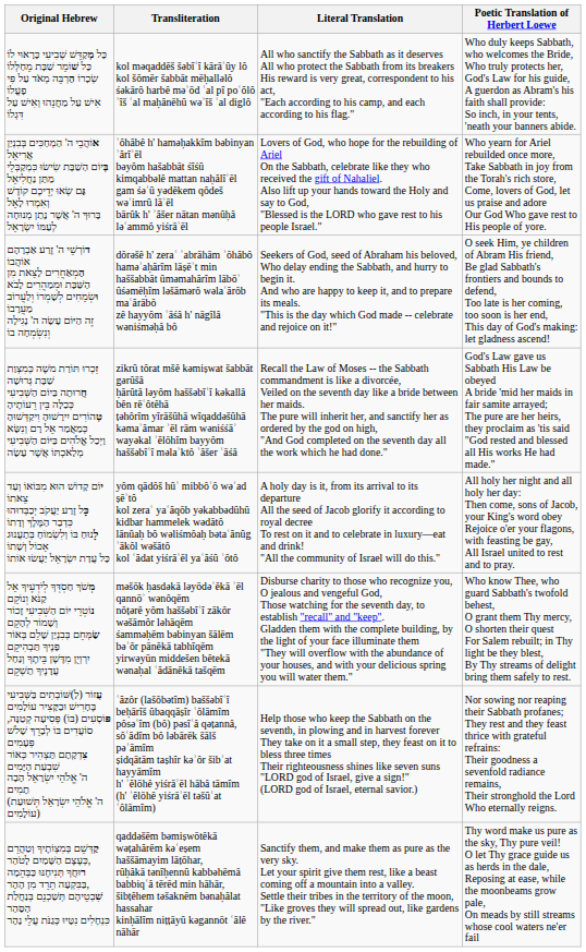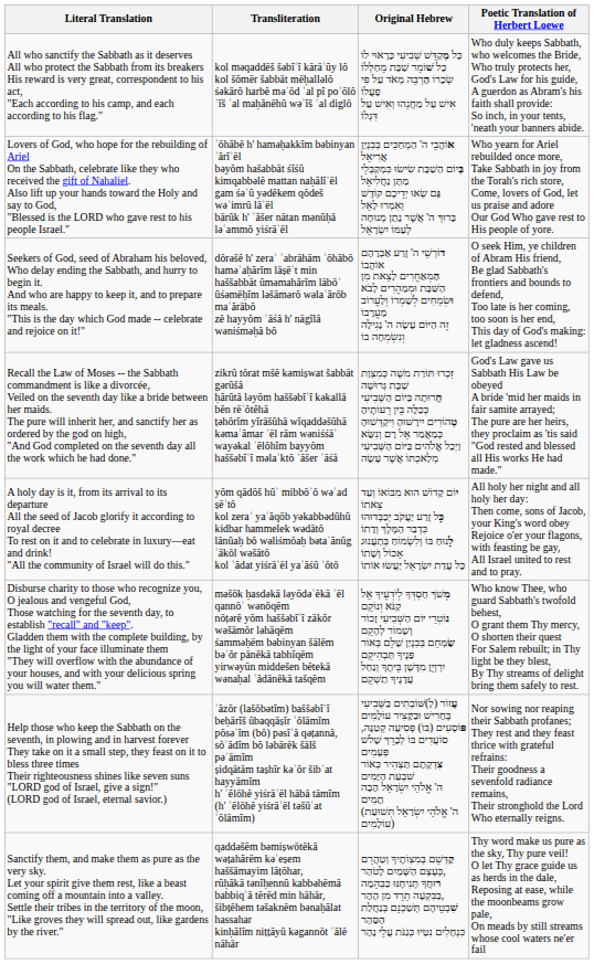 <table class="wikitable">
 <tr>
+<th>Literal Translation</th>
+<th>Transliteration</th>
 <th>Original Hebrew</th>
-<th>Transliteration</th>
-<th>Literal Translation</th>
 <th>Poetic Translation of <a href='#'>Herbert Loewe</a></th>
 </tr>
 <tr>
+<td>All who sanctify the Sabbath as it deserves<br>All who protect the Sabbath from its breakers<br>His reward is very great, correspondent to his act,<br>"Each according to his camp, and each according to his flag."</td>
+<td>kol mǝqaddēš šǝbîʿî kārāʾûy lô<br>kol šômēr šabbāt mēḥallǝlô<br>śǝkārô harbê mǝʾōd ʿal pî poʿŏlô<br>ʾîš ʿal maḥănēhû wǝʾîš ʿal diglô</td>
 <td>כָּל <strong>מְ</strong>קַדֵּשׁ שְׁבִיעִי כָּרָאוּי לוֹ<br>כָּל <strong>שׁ</strong>וֹמֵר שַׁבָּת מֵחַלְּלוֹ<br>שְׂכָרוֹ <strong>הַ</strong>רְבֵּה מְאֹד עַל פִּי פָעֳלוֹ<br>אִישׁ עַל מַחֲנֵהוּ וְאִישׁ עַל דִּגְלוֹ</td>
-<td>kol mǝqaddēš šǝbîʿî kārāʾûy lô<br>kol šômēr šabbāt mēḥallǝlô<br>śǝkārô harbê mǝʾōd ʿal pî poʿŏlô<br>ʾîš ʿal maḥănēhû wǝʾîš ʿal diglô</td>
-<td>All who sanctify the Sabbath as it deserves<br>All who protect the Sabbath from its breakers<br>His reward is very great, correspondent to his act,<br>"Each according to his camp, and each according to his flag."</td>
 <td>Who duly keeps Sabbath, who welcomes the Bride,<br>Who truly protects her, God's Law for his guide,<br>A guerdon as Abram's his faith shall provide:<br>So inch, in your tents, 'neath your banners abide.</td>
 </tr>
 <tr>
+<td>Lovers of God, who hope for the rebuilding of <a href='#'>Ariel</a><br>On the Sabbath, celebrate like they who received the <a href='#'>gift of Nahaliel</a>.<br>Also lift up your hands toward the Holy and say to God,<br>"Blessed is the LORD who gave rest to his people Israel."</td>
+<td>ʾôhăbê h' hamǝḥakkîm bǝbinyan ʾărîʾēl<br>bǝyôm hašabbāt śîśû kimqabbǝlê mattan naḥălîʾēl<br>gam śǝʾû yǝdêkem qôdeš wǝʾimrû lāʾēl<br>bārûk h' ʾăšer nātan mǝnûḥâ lǝʿammô yiśrāʾēl</td>
 <td><strong>א</strong>וֹהֲבֵי ה' הַמְחַכִּים בְּבִנְיַן אֲרִיאֵל<br><strong>בְּ</strong>יוֹם הַשַׁבָּת שִׂישׂוּ כִּמְקַבְּלֵי מַתַּן נַחֲלִיאֵל<br><strong>גַּ</strong>ם שְׂאוּ יְדֵיכֶם קוֹדֶשׁ וְאִמְרוּ לָאֵל<br>בָּרוּךְ ה' אֲשֶׁר נָתַן מְנוּחָה לְעַמּוֹ יִשְׂרָאֵל</td>
-<td>ʾôhăbê h' hamǝḥakkîm bǝbinyan ʾărîʾēl<br>bǝyôm hašabbāt śîśû kimqabbǝlê mattan naḥălîʾēl<br>gam śǝʾû yǝdêkem qôdeš wǝʾimrû lāʾēl<br>bārûk h' ʾăšer nātan mǝnûḥâ lǝʿammô yiśrāʾēl</td>
-<td>Lovers of God, who hope for the rebuilding of <a href='#'>Ariel</a><br>On the Sabbath, celebrate like they who received the <a href='#'>gift of Nahaliel</a>.<br>Also lift up your hands toward the Holy and say to God,<br>"Blessed is the LORD who gave rest to his people Israel."</td>
 <td>Who yearn for Ariel rebuilded once more,<br>Take Sabbath in joy from the Torah's rich store,<br>Come, lovers of God, let us praise and adore<br>Our God Who gave rest to His people of yore.</td>
 </tr>
 <tr>
+<td>Seekers of God, seed of Abraham his beloved,<br>Who delay ending the Sabbath, and hurry to begin it.<br>And who are happy to keep it, and to prepare its meals.<br>"This is the day which God made -- celebrate and rejoice on it!"</td>
+<td>dôrǝšê h' zeraʿ ʾabrāhām ʾôhăbô<br>hamǝʾaḥărîm lāṣēʾt min haššabbāt ûmǝmahărîm lābōʾ<br>ûśǝmēḥîm lǝšāmǝrô wǝlaʿărôb maʿărābô<br>zê hayyôm ʿāśâ h' nāgîlâ wǝniśmǝḥâ bô</td>
 <td><strong>ד</strong>וֹרְשֵׁי ה' זֶרַע אַבְרָהָם אוֹהֲבוֹ<br><strong>הַ</strong>מְאַחֲרִים לָצֵאת מִן הַשַּׁבָּת וּמְמַהֲרִים לָבֹא<br><strong>וּ</strong>שְׂמֵחִים לְשָׁמְרוֹ וְלַעֲרוֹב מַעֲרָבוֹ<br>זֶה הַיּוֹם עָשָׂה ה' נָגִילָה וְנִשְׂמְחָה בוֹ</td>
-<td>dôrǝšê h' zeraʿ ʾabrāhām ʾôhăbô<br>hamǝʾaḥărîm lāṣēʾt min haššabbāt ûmǝmahărîm lābōʾ<br>ûśǝmēḥîm lǝšāmǝrô wǝlaʿărôb maʿărābô<br>zê hayyôm ʿāśâ h' nāgîlâ wǝniśmǝḥâ bô</td>
-<td>Seekers of God, seed of Abraham his beloved,<br>Who delay ending the Sabbath, and hurry to begin it.<br>And who are happy to keep it, and to prepare its meals.<br>"This is the day which God made -- celebrate and rejoice on it!"</td>
 <td>O seek Him, ye children of Abram His friend,<br>Be glad Sabbath's frontiers and bounds to defend,<br>Too late is her coming, too soon is her end,<br>This day of God's making: let gladness ascend!</td>
 </tr>
 <tr>
+<td>Recall the Law of Moses -- the Sabbath commandment is like a divorcée,<br>Veiled on the seventh day like a bride between her maids.<br>The pure will inherit her, and sanctify her as ordered by the god on high,<br>"And God completed on the seventh day all the work which he had done."</td>
+<td>zikrû tôrat mšê kǝmiṣwat šabbāt gǝrûšâ<br>ḥărûtâ lǝyôm haššǝbîʿî kǝkallâ bên rēʿôtêhā<br>ṭǝhôrîm yîrāšûhā wîqaddǝšûhā kǝmaʾămar ʾēl rām wǝniśśāʾ<br>wayǝkal ʾĕlōhîm bayyôm haššǝbîʿî mǝlaʾktô ʾăšer ʿāśâ</td>
 <td><strong>זִ</strong>כְרוּ תּוֹרַת משֶׁה כְּמִצְוַת שַׁבָּת גְּרוּשָׁה<br><strong>חֲ</strong>רוּתָה בַּיוֹם הַשְּׁבִיעִי כְּכַלָּה בֵּין רֵעוֹתֶיהָ<br><strong>טְ</strong>הוֹרִים יִירָשׁוּהָ וִיקַדְּשׁוּהָ כְּמַאֲמַר אֵל רָם וְנִשָּׂא<br>וַיְכַל אֱלֹהִים בַּיּוֹם הַשְּׁבִיעִי מְלַאכְתּוֹ אֲשֶׁר עָשָׂה</td>
-<td>zikrû tôrat mšê kǝmiṣwat šabbāt gǝrûšâ<br>ḥărûtâ lǝyôm haššǝbîʿî kǝkallâ bên rēʿôtêhā<br>ṭǝhôrîm yîrāšûhā wîqaddǝšûhā kǝmaʾămar ʾēl rām wǝniśśāʾ<br>wayǝkal ʾĕlōhîm bayyôm haššǝbîʿî mǝlaʾktô ʾăšer ʿāśâ</td>
-<td>Recall the Law of Moses -- the Sabbath commandment is like a divorcée,<br>Veiled on the seventh day like a bride between her maids.<br>The pure will inherit her, and sanctify her as ordered by the god on high,<br>"And God completed on the seventh day all the work which he had done."</td>
 <td>God's Law gave us Sabbath His Law be obeyed<br>A bride 'mid her maids in fair samite arrayed;<br>The pure are her heirs, they proclaim as 'tis said<br>"God rested and blessed all His works He had made."</td>
 </tr>
 <tr>
+<td>A holy day is it, from its arrival to its departure<br>All the seed of Jacob glorify it according to royal decree<br>To rest on it and to celebrate in luxury—eat and drink!<br>"All the community of Israel will do this."</td>
+<td>yôm qādôš hûʾ mibbôʾô wǝʿad ṣēʾtô<br>kol zeraʿ yaʿăqōb yǝkabbǝdûhû kidbar hammelek wǝdātô<br>lānûaḥ bô wǝliśmôaḥ bǝtaʿănûg ʾākôl wǝšātô<br>kol ʿădat yiśrāʾēl yaʿăśû ʾôtô</td>
 <td><strong>י</strong>וֹם קָדוֹשׁ הוּא מִבּוֹאוֹ וְעַד צֵאתוֹ<br><strong>כָּ</strong>ל זֶרַע יַעֲקֹב יְכַבְּדוּהוּ כִּדְבַר הַמֶּלֶךְ וְדָתוֹ<br><strong>לָ</strong>נוּחַ בּוֹ וְלִשְׂמוֹחַ בְּתַעֲנוּג אָכוֹל וְשָׁתוֹ<br>כָּל עֲדַת יִשְׂרָאֵל יַעֲשׂוּ אוֹתוֹ</td>
-<td>yôm qādôš hûʾ mibbôʾô wǝʿad ṣēʾtô<br>kol zeraʿ yaʿăqōb yǝkabbǝdûhû kidbar hammelek wǝdātô<br>lānûaḥ bô wǝliśmôaḥ bǝtaʿănûg ʾākôl wǝšātô<br>kol ʿădat yiśrāʾēl yaʿăśû ʾôtô</td>
-<td>A holy day is it, from its arrival to its departure<br>All the seed of Jacob glorify it according to royal decree<br>To rest on it and to celebrate in luxury—eat and drink!<br>"All the community of Israel will do this."</td>
 <td>All holy her night and all holy her day:<br>Then come, sons of Jacob, your King's word obey<br>Rejoice o'er your flagons, with feasting be gay,<br>All Israel united to rest and to pray.</td>
 </tr>
 <tr>
+<td>Disburse charity to those who recognize you, O jealous and vengeful God,<br>Those watching for the seventh day, to establish <a href='#'>"recall" and "keep"</a>.<br>Gladden them with the complete building, by the light of your face illuminate them<br>"They will overflow with the abundance of your houses, and with your delicious spring you will water them."</td>
+<td>mǝšōk ḥasdǝkā lǝyōdǝʿêkā ʾēl qannōʾ wǝnôqēm<br>nôṭǝrê yôm haššǝbîʿî zākôr wǝšāmôr lǝhāqēm<br>śammǝḥēm bǝbinyan šālēm bǝʾôr pānêkā tabhîqēm<br>yirwǝyūn middešen bêtekā wǝnaḥal ʿădānêkā tašqēm</td>
 <td><strong>מְ</strong>שֹׁךְ חַסְדְּךָ לְיֹדְעֶיךָ אֵל קַנֹּא וְנוֹקֵם<br><strong>נ</strong>וֹטְרֵי יּוֹם הַשְּׁבִיעִי זָכוֹר וְשָׁמוֹר לְהָקֵם<br><strong>שַׂ</strong>מְּחֵם בְּבִנְיַן שָׁלֵם בְּאוֹר פָּנֶיךָ תַּבְהִיקֵם<br>יִרְוְיֻן מִדֶּשֶׁן בֵּיתֶךָ וְנַחַל עֲדָנֶיךָ תַשְׁקֵם</td>
-<td>mǝšōk ḥasdǝkā lǝyōdǝʿêkā ʾēl qannōʾ wǝnôqēm<br>nôṭǝrê yôm haššǝbîʿî zākôr wǝšāmôr lǝhāqēm<br>śammǝḥēm bǝbinyan šālēm bǝʾôr pānêkā tabhîqēm<br>yirwǝyūn middešen bêtekā wǝnaḥal ʿădānêkā tašqēm</td>
-<td>Disburse charity to those who recognize you, O jealous and vengeful God,<br>Those watching for the seventh day, to establish <a href='#'>"recall" and "keep"</a>.<br>Gladden them with the complete building, by the light of your face illuminate them<br>"They will overflow with the abundance of your houses, and with your delicious spring you will water them."</td>
 <td>Who know Thee, who guard Sabbath's twofold behest,<br>O grant them Thy mercy, O shorten their quest<br>For Salem rebuilt; in Thy light be they blest,<br>By Thy streams of delight bring them safely to rest.</td>
 </tr>
 <tr>
+<td>Help those who keep the Sabbath on the seventh, in plowing and in harvest forever<br>They take on it a small step, they feast on it to bless three times<br>Their righteousness shines like seven suns<br>"LORD god of Israel, give a sign!"<br>(LORD god of Israel, eternal savior.)</td>
+<td>ʿăzôr (lašôbǝtîm) baššǝbîʿî beḥārîš ûbaqqāṣîr ʿôlāmîm<br>pôsǝʿîm (bô) pǝsîʿâ qǝṭannâ, sôʿădîm bô lǝbārēk šālš pǝʿāmîm<br>ṣidqātām taṣhîr kǝʾôr šibʿat hayyāmîm<br>h' ʾĕlōhê yiśrāʾēl hābâ tāmîm<br>(h' ʾĕlōhê yiśrāʾēl tǝšûʿat ʿôlāmîm)</td>
 <td><strong>עֲ</strong>זוֹר (לַ)שּׁוֹבְתִים בַּשְּׁבִיעִי בֶּחָרִישׁ וּבַקָּצִיר עוֹלָמִים<br><strong>פּ</strong>וֹסְעִים (בּוֹ) פְּסִיעָה קְטַנָּה, סוֹעֲדִים בּוֹ לְבָרֵךְ שָׁלשׁ פְּעָמִים<br><strong>צִ</strong>דְקָתָם תַּצְהִיר כְּאוֹר שִׁבְעַת הַיָּמִים<br>ה' אֱלֹהֵי יִשְׂרָאֵל הָבָה תָמִים<br>(ה' אֱלֹהֵי יִשְׂרָאֵל תְּשׁוּעַת עוֹלָמִים)</td>
-<td>ʿăzôr (lašôbǝtîm) baššǝbîʿî beḥārîš ûbaqqāṣîr ʿôlāmîm<br>pôsǝʿîm (bô) pǝsîʿâ qǝṭannâ, sôʿădîm bô lǝbārēk šālš pǝʿāmîm<br>ṣidqātām taṣhîr kǝʾôr šibʿat hayyāmîm<br>h' ʾĕlōhê yiśrāʾēl hābâ tāmîm<br>(h' ʾĕlōhê yiśrāʾēl tǝšûʿat ʿôlāmîm)</td>
-<td>Help those who keep the Sabbath on the seventh, in plowing and in harvest forever<br>They take on it a small step, they feast on it to bless three times<br>Their righteousness shines like seven suns<br>"LORD god of Israel, give a sign!"<br>(LORD god of Israel, eternal savior.)</td>
 <td>Nor sowing nor reaping their Sabbath profanes;<br>They rest and they feast thrice with grateful refrains:<br>Their goodness a sevenfold radiance remains,<br>Their stronghold the Lord Who eternally reigns.</td>
 </tr>
 <tr>
+<td>Sanctify them, and make them as pure as the very sky.<br>Let your spirit give them rest, like a beast coming off a mountain into a valley.<br>Settle their tribes in the territory of the moon,<br>"Like groves they will spread out, like gardens by the river."</td>
+<td>qaddǝšēm bǝmiṣwōtêkā wǝṭahărēm kǝʿeṣem haššāmayim lāṭōhar,<br>rûḥăkā tǝnîḥennû kabbǝhēmâ babbiqʿâ tērēd min hāhār,<br>šibṭêhem tǝšaknēm bǝnaḥălat hassahar<br>kinḥālîm niṭṭāyû kǝgannōt ʿălê nāhār</td>
 <td><strong>קַ</strong>דְּשֵׁם בְּמִצְוֹתֶיךָ וְטַהֲרֵם כְּעֶצֶם הַשָּׁמַיִם לָטֹהַר,<br><strong>ר</strong>וּחֲךָ תְּנִיחֶנּוּ כַּבְּהֵמָה בַּבִּקְעָה תֵרֵד מִן הָהָר,<br><strong>שִׁ</strong>בְטֵיהֶם תְּשַׁכְנֵם בְּנַחֲלַת הַסַּהַר<br>כִּנְחָלִים נִטָּיוּ כְּגַנֹּת עֲלֵי נָהָר</td>
-<td>qaddǝšēm bǝmiṣwōtêkā wǝṭahărēm kǝʿeṣem haššāmayim lāṭōhar,<br>rûḥăkā tǝnîḥennû kabbǝhēmâ babbiqʿâ tērēd min hāhār,<br>šibṭêhem tǝšaknēm bǝnaḥălat hassahar<br>kinḥālîm niṭṭāyû kǝgannōt ʿălê nāhār</td>
-<td>Sanctify them, and make them as pure as the very sky.<br>Let your spirit give them rest, like a beast coming off a mountain into a valley.<br>Settle their tribes in the territory of the moon,<br>"Like groves they will spread out, like gardens by the river."</td>
 <td>Thy word make us pure as the sky, Thy pure veil!<br>O let Thy grace guide us as herds in the dale,<br>Reposing at ease, while the moonbeams grow pale,<br>On meads by still streams whose cool waters ne'er fail</td>
 </tr>
 </table>
